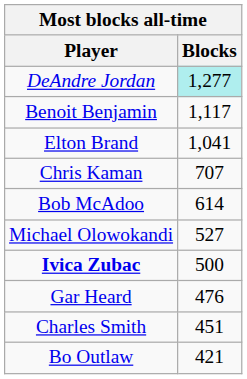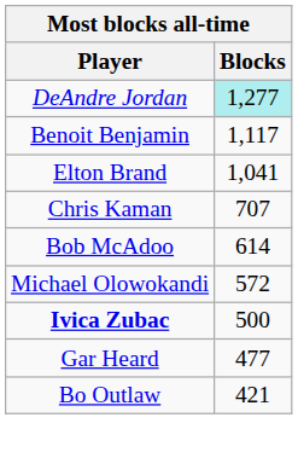 <table class="wikitable sortable" style="text-align:center">
 <tr>
 <th colspan="2">Most blocks all-time</th>
 </tr>
 <tr>
 <th>Player</th>
 <th>Blocks</th>
 </tr>
 <tr>
 <td><em><a href='#'>DeAndre Jordan</a></em></td>
 <td style="background: paleturquoise;">1,277</td>
 </tr>
 <tr>
 <td><a href='#'>Benoit Benjamin</a></td>
 <td>1,117</td>
 </tr>
 <tr>
 <td><a href='#'>Elton Brand</a></td>
 <td>1,041</td>
 </tr>
 <tr>
 <td><a href='#'>Chris Kaman</a></td>
 <td>707</td>
 </tr>
 <tr>
 <td><a href='#'>Bob McAdoo</a></td>
 <td>614</td>
 </tr>
 <tr>
 <td><a href='#'>Michael Olowokandi</a></td>
-<td>527</td>
+<td>572</td>
 </tr>
 <tr>
 <td><strong><a href='#'>Ivica Zubac</a></strong></td>
 <td>500</td>
 </tr>
 <tr>
 <td><a href='#'>Gar Heard</a></td>
-<td>476</td>
-</tr>
-<tr>
-<td><a href='#'>Charles Smith</a></td>
-<td>451</td>
+<td>477</td>
 </tr>
 <tr>
 <td><a href='#'>Bo Outlaw</a></td>
 <td>421</td>
 </tr>
 </table>
